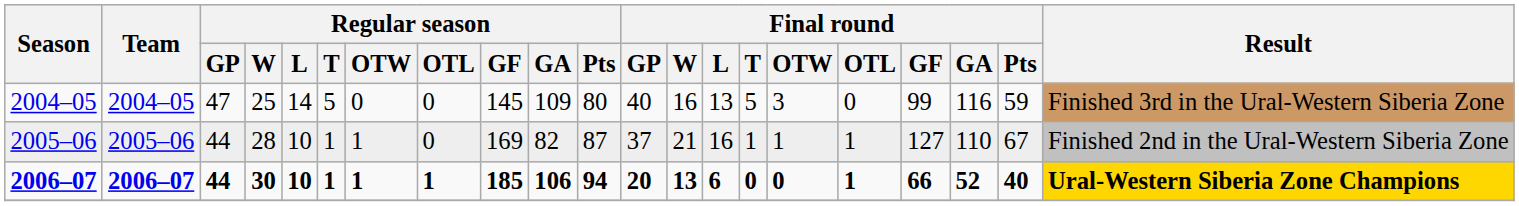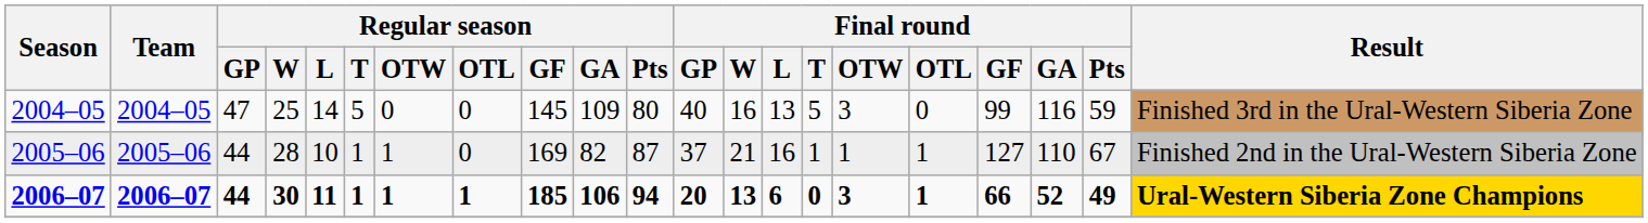 <table class="wikitable">
 <tr style="font-weight:bold; background-color:#dddddd;">
 <th rowspan="2">Season</th>
 <th rowspan="2">Team</th>
 <th colspan="9">Regular season</th>
 <th colspan="9">Final round</th>
 <th rowspan="2">Result</th>
 </tr>
 <tr>
 <th>GP</th>
 <th>W</th>
 <th>L</th>
 <th>T</th>
 <th>OTW</th>
 <th>OTL</th>
 <th>GF</th>
 <th>GA</th>
 <th>Pts</th>
 <th>GP</th>
 <th>W</th>
 <th>L</th>
 <th>T</th>
 <th>OTW</th>
 <th>OTL</th>
 <th>GF</th>
 <th>GA</th>
 <th>Pts</th>
 </tr>
 <tr>
 <td><a href='#'>2004–05</a></td>
 <td><a href='#'>2004–05</a></td>
 <td>47</td>
 <td>25</td>
 <td>14</td>
 <td>5</td>
 <td>0</td>
 <td>0</td>
 <td>145</td>
 <td>109</td>
 <td>80</td>
 <td>40</td>
 <td>16</td>
 <td>13</td>
 <td>5</td>
 <td>3</td>
 <td>0</td>
 <td>99</td>
 <td>116</td>
 <td>59</td>
 <td align=left style="background:#c96;">Finished 3rd in the Ural-Western Siberia Zone</td>
 </tr>
 <tr bgcolor="#eeeeee">
 <td><a href='#'>2005–06</a></td>
 <td><a href='#'>2005–06</a></td>
 <td>44</td>
 <td>28</td>
 <td>10</td>
 <td>1</td>
 <td>1</td>
 <td>0</td>
 <td>169</td>
 <td>82</td>
 <td>87</td>
 <td>37</td>
 <td>21</td>
 <td>16</td>
 <td>1</td>
 <td>1</td>
 <td>1</td>
 <td>127</td>
 <td>110</td>
 <td>67</td>
 <td align=left bgcolor="silver">Finished 2nd in the Ural-Western Siberia Zone</td>
 </tr>
 <tr align="left" style=bold;>
 <td><strong><a href='#'>2006–07</a></strong></td>
 <td><strong><a href='#'>2006–07</a></strong></td>
 <td><strong>44</strong></td>
 <td><strong>30</strong></td>
-<td><strong>10</strong></td>
+<td><strong>11</strong></td>
 <td><strong>1</strong></td>
 <td><strong>1</strong></td>
 <td><strong>1</strong></td>
 <td><strong>185</strong></td>
 <td><strong>106</strong></td>
 <td><strong>94</strong></td>
 <td><strong>20</strong></td>
 <td><strong>13</strong></td>
 <td><strong>6</strong></td>
 <td><strong>0</strong></td>
-<td><strong>0</strong></td>
+<td><strong>3</strong></td>
 <td><strong>1</strong></td>
 <td><strong>66</strong></td>
 <td><strong>52</strong></td>
-<td><strong>40</strong></td>
+<td><strong>49</strong></td>
 <td align=left bgcolor="gold"><strong>Ural-Western Siberia Zone Champions</strong></td>
 </tr>
 <tr>
 </tr>
 </table>
